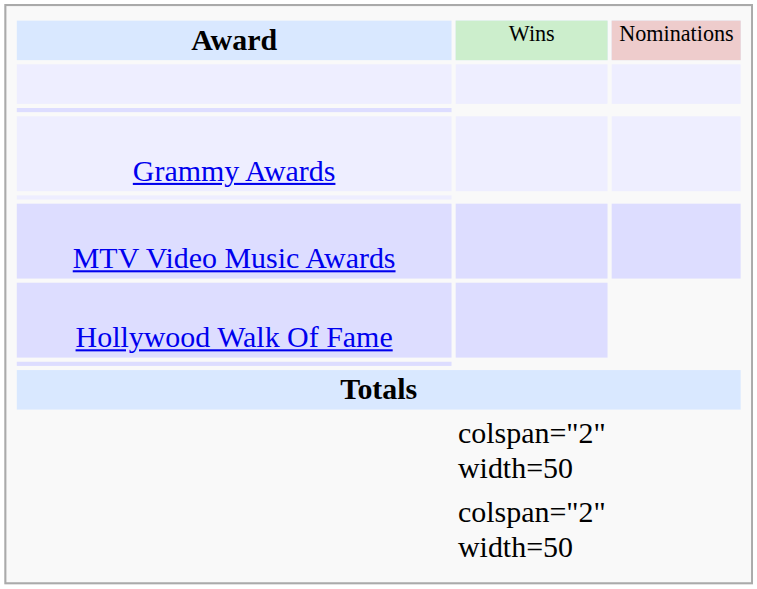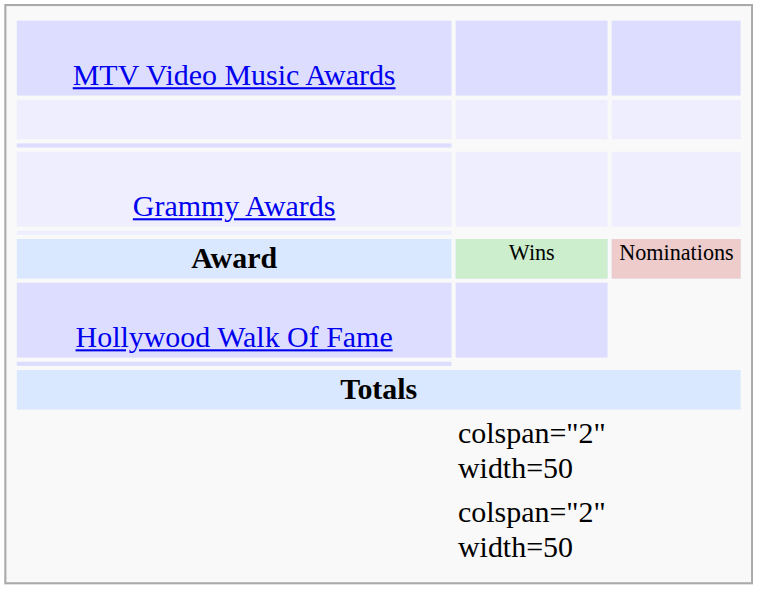 <table class="infobox" style="width: 25em; text-align: left; font-size: 90%; vertical-align: middle;">
 <tr>
 </tr>
-<tr bgcolor=#D9E8FF style="text-align:center;">
-<th style="vertical-align: middle;">Award</th>
-<td style="background:#cceecc; font-size:8pt;" width="60px">Wins</td>
-<td style="background:#eecccc; font-size:8pt;" width="60px">Nominations</td>
+<tr bgcolor=#ddddff>
+<td align="center"><br><a href='#'>MTV Video Music Awards</a></td>
+<td></td>
+<td></td>
 </tr>
 <tr bgcolor=#eeeeff>
 <td align="center"><br></td>
 <td></td>
 <td></td>
 </tr>
 <tr bgcolor=#ddddff>
 <td align="center"></td>
 </tr>
 <tr bgcolor=#eeeeff>
 <td align="center"><br><a href='#'>Grammy Awards</a></td>
 <td></td>
 <td></td>
 </tr>
 <tr bgcolor=#eeeeff>
 <td align="center"></td>
 </tr>
-<tr bgcolor=#ddddff>
-<td align="center"><br><a href='#'>MTV Video Music Awards</a></td>
-<td></td>
-<td></td>
+<tr bgcolor=#D9E8FF style="text-align:center;">
+<th style="vertical-align: middle;">Award</th>
+<td style="background:#cceecc; font-size:8pt;" width="60px">Wins</td>
+<td style="background:#eecccc; font-size:8pt;" width="60px">Nominations</td>
 </tr>
 <tr bgcolor=#ddddff>
 <td align="center"><br><a href='#'>Hollywood Walk Of Fame</a></td>
 <td></td>
 </tr>
 <tr bgcolor=#ddddff>
 <td align="center"></td>
 </tr>
 <tr bgcolor=#D9E8FF>
 <td colspan="3" style="text-align:center;"><strong>Totals</strong></td>
 </tr>
 <tr>
 <td></td>
 <td>colspan="2" width=50 </td>
 </tr>
 <tr>
 <td></td>
 <td>colspan="2" width=50 </td>
 </tr>
 <tr>
 </tr>
 </table>
